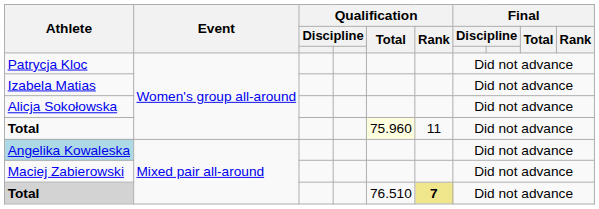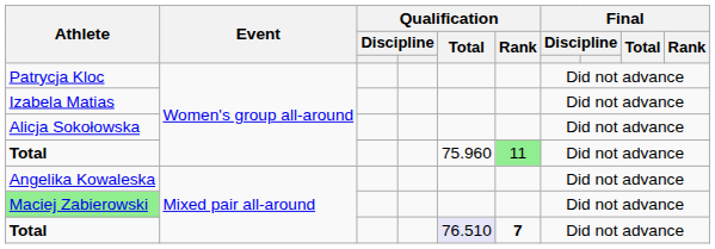 <table class="wikitable" style="font-size:90%">
 <tr>
 <th rowspan=3>Athlete</th>
 <th rowspan=3>Event</th>
 <th colspan =4>Qualification</th>
 <th colspan =4>Final</th>
 </tr>
 <tr style="font-size:95%">
 <th colspan=2>Discipline</th>
 <th rowspan=2>Total</th>
 <th rowspan=2>Rank</th>
 <th colspan=2>Discipline</th>
 <th rowspan=2>Total</th>
 <th rowspan=2>Rank</th>
 </tr>
 <tr style="font-size:95%">
 <th></th>
 <th></th>
 <th></th>
 <th></th>
 </tr>
 <tr align=center>
 <td align=left><a href='#'>Patrycja Kloc</a></td>
 <td style="text-align:left;" rowspan="4"><a href='#'>Women's group all-around</a></td>
 <td></td>
 <td></td>
 <td></td>
 <td></td>
 <td colspan=4>Did not advance</td>
 </tr>
 <tr align=center>
 <td align=left><a href='#'>Izabela Matias</a></td>
 <td></td>
 <td></td>
 <td></td>
 <td></td>
 <td colspan=4>Did not advance</td>
 </tr>
 <tr align=center>
 <td align=left><a href='#'>Alicja Sokołowska</a></td>
 <td></td>
 <td></td>
 <td></td>
 <td></td>
 <td colspan=4>Did not advance</td>
 </tr>
 <tr align=center>
 <td align=left><strong>Total</strong></td>
 <td></td>
 <td></td>
-<td style="background: lightyellow;">75.960</td>
-<td>11</td>
+<td>75.960</td>
+<td style="background: lightgreen;">11</td>
 <td colspan=4>Did not advance</td>
 </tr>
 <tr align=center>
-<td align=left style="background: lightblue;"><a href='#'>Angelika Kowaleska</a></td>
+<td align=left><a href='#'>Angelika Kowaleska</a></td>
 <td style="text-align:left;" rowspan="3"><a href='#'>Mixed pair all-around</a></td>
 <td></td>
 <td></td>
 <td></td>
 <td></td>
 <td colspan=4>Did not advance</td>
 </tr>
 <tr align=center>
-<td align=left><a href='#'>Maciej Zabierowski</a></td>
+<td align=left style="background: lightgreen;"><a href='#'>Maciej Zabierowski</a></td>
 <td></td>
 <td></td>
 <td></td>
 <td></td>
 <td colspan=4>Did not advance</td>
 </tr>
 <tr align=center>
-<td align=left style="background: lightgrey;"><strong>Total</strong></td>
+<td align=left><strong>Total</strong></td>
 <td></td>
 <td></td>
-<td>76.510</td>
-<td style="background: khaki;"><strong>7</strong></td>
+<td style="background: lavender;">76.510</td>
+<td><strong>7</strong></td>
 <td colspan=4>Did not advance</td>
 </tr>
 </table>
